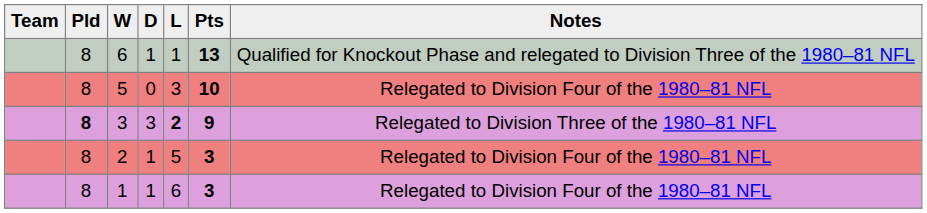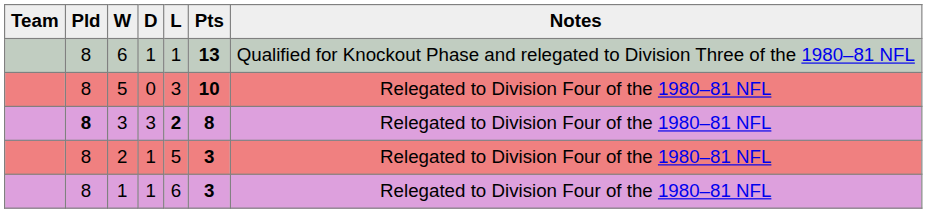 <table style=border-collapse:collapse border=1 cellspacing=0 cellpadding=5>
 <tr align=center bgcolor=#efefef>
 <th>Team</th>
 <th>Pld</th>
 <th>W</th>
 <th>D</th>
 <th>L</th>
 <th>Pts</th>
 <th>Notes</th>
 </tr>
 <tr align=center style="background:#C1CDC1">
 <td style="text-align:left;"> </td>
 <td>8</td>
 <td>6</td>
 <td>1</td>
 <td>1</td>
 <td><strong>13</strong></td>
 <td rowspan=1>Qualified for Knockout Phase and relegated to Division Three of the <a href='#'>1980–81 NFL</a></td>
 </tr>
 <tr align=center style="background:#F08080">
 <td style="text-align:left;"> </td>
 <td>8</td>
 <td>5</td>
 <td>0</td>
 <td>3</td>
 <td><strong>10</strong></td>
 <td rowspan=1>Relegated to Division Four of the <a href='#'>1980–81 NFL</a></td>
 </tr>
 <tr align=center style="background:#dda0dd;">
 <td style="text-align:left;"> </td>
 <td><strong>8</strong></td>
 <td>3</td>
 <td>3</td>
 <td><strong>2</strong></td>
-<td><strong>9</strong></td>
-<td rowspan=1>Relegated to Division Three of the <a href='#'>1980–81 NFL</a></td>
+<td><strong>8</strong></td>
+<td rowspan=1>Relegated to Division Four of the <a href='#'>1980–81 NFL</a></td>
 </tr>
 <tr align=center style="background:#F08080">
 <td style="text-align:left;"> </td>
 <td>8</td>
 <td>2</td>
 <td>1</td>
 <td>5</td>
 <td><strong>3</strong></td>
 <td rowspan=1>Relegated to Division Four of the <a href='#'>1980–81 NFL</a></td>
 </tr>
 <tr align=center style="background:#dda0dd;">
 <td style="text-align:left;"> </td>
 <td>8</td>
 <td>1</td>
 <td>1</td>
 <td>6</td>
 <td><strong>3</strong></td>
 <td rowspan=1>Relegated to Division Four of the <a href='#'>1980–81 NFL</a></td>
 </tr>
 </table>
